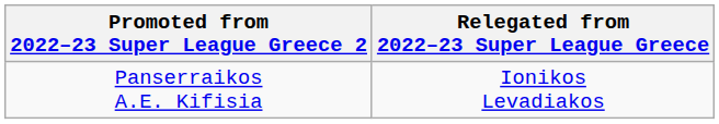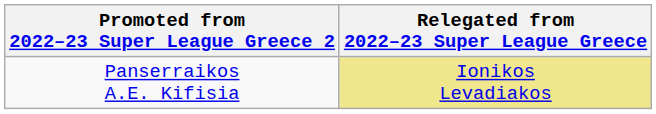 <table class="wikitable">
 <tr>
 <th>Promoted from<br><a href='#'>2022–23 Super League Greece 2</a></th>
 <th>Relegated from<br><a href='#'>2022–23 Super League Greece</a></th>
 </tr>
 <tr>
 <td align=center><a href='#'>Panserraikos</a><br><a href='#'>A.E. Kifisia</a></td>
-<td align=center><a href='#'>Ionikos</a><br><a href='#'>Levadiakos</a></td>
+<td align=center style="background: khaki;"><a href='#'>Ionikos</a><br><a href='#'>Levadiakos</a></td>
 </tr>
 </table>
